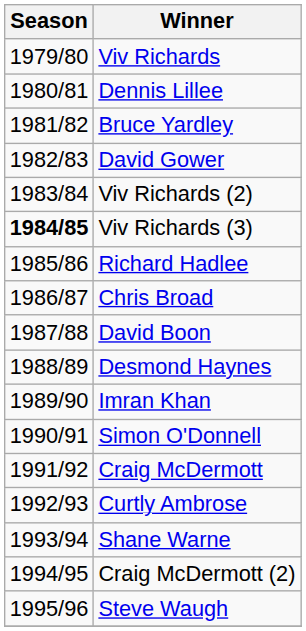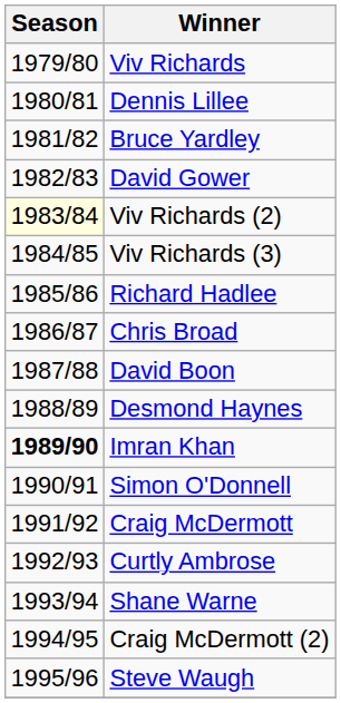 <table class="wikitable">
 <tr>
 <th>Season</th>
 <th>Winner</th>
 </tr>
 <tr>
 <td>1979/80</td>
 <td><a href='#'>Viv Richards</a></td>
 </tr>
 <tr>
 <td>1980/81</td>
 <td><a href='#'>Dennis Lillee</a></td>
 </tr>
 <tr>
 <td>1981/82</td>
 <td><a href='#'>Bruce Yardley</a></td>
 </tr>
 <tr>
 <td>1982/83</td>
 <td><a href='#'>David Gower</a></td>
 </tr>
 <tr>
-<td>1983/84</td>
+<td style="background: lightyellow;">1983/84</td>
 <td>Viv Richards (2)</td>
 </tr>
 <tr>
-<td><strong>1984/85</strong></td>
+<td>1984/85</td>
 <td>Viv Richards (3)</td>
 </tr>
 <tr>
 <td>1985/86</td>
 <td><a href='#'>Richard Hadlee</a></td>
 </tr>
 <tr>
 <td>1986/87</td>
 <td><a href='#'>Chris Broad</a></td>
 </tr>
 <tr>
 <td>1987/88</td>
 <td><a href='#'>David Boon</a></td>
 </tr>
 <tr>
 <td>1988/89</td>
 <td><a href='#'>Desmond Haynes</a></td>
 </tr>
 <tr>
-<td>1989/90</td>
+<td><strong>1989/90</strong></td>
 <td><a href='#'>Imran Khan</a></td>
 </tr>
 <tr>
 <td>1990/91</td>
 <td><a href='#'>Simon O'Donnell</a></td>
 </tr>
 <tr>
 <td>1991/92</td>
 <td><a href='#'>Craig McDermott</a></td>
 </tr>
 <tr>
 <td>1992/93</td>
 <td><a href='#'>Curtly Ambrose</a></td>
 </tr>
 <tr>
 <td>1993/94</td>
 <td><a href='#'>Shane Warne</a></td>
 </tr>
 <tr>
 <td>1994/95</td>
 <td>Craig McDermott (2)</td>
 </tr>
 <tr>
 <td>1995/96</td>
 <td><a href='#'>Steve Waugh</a></td>
 </tr>
 <tr>
 </tr>
 </table>
